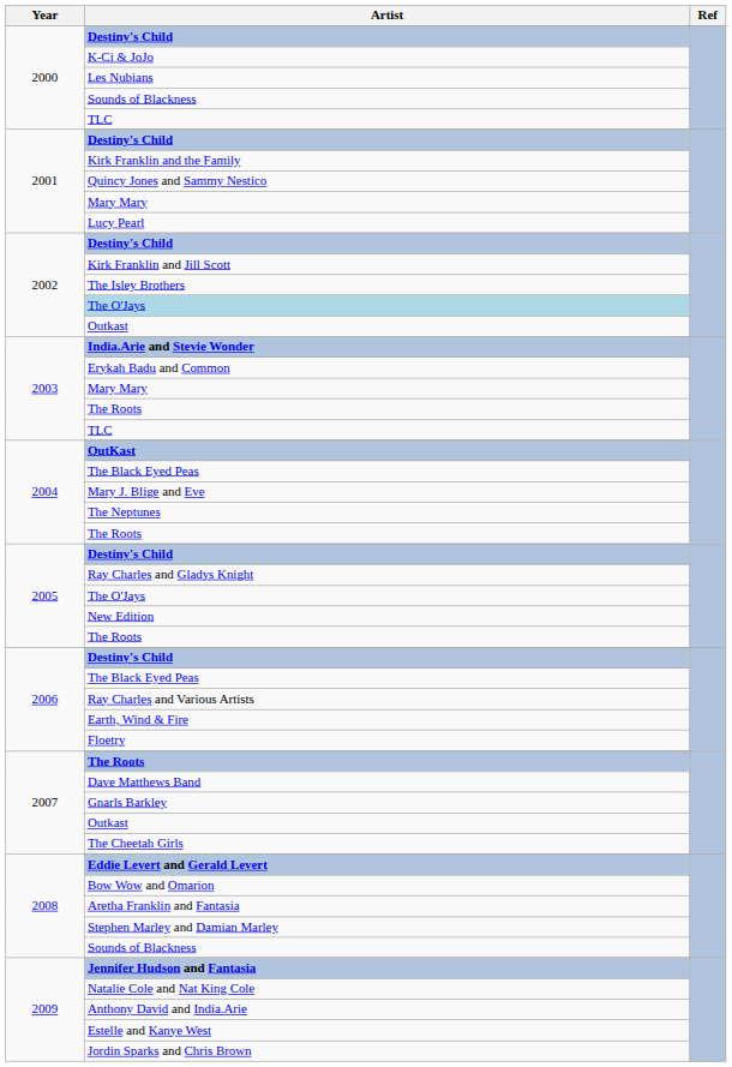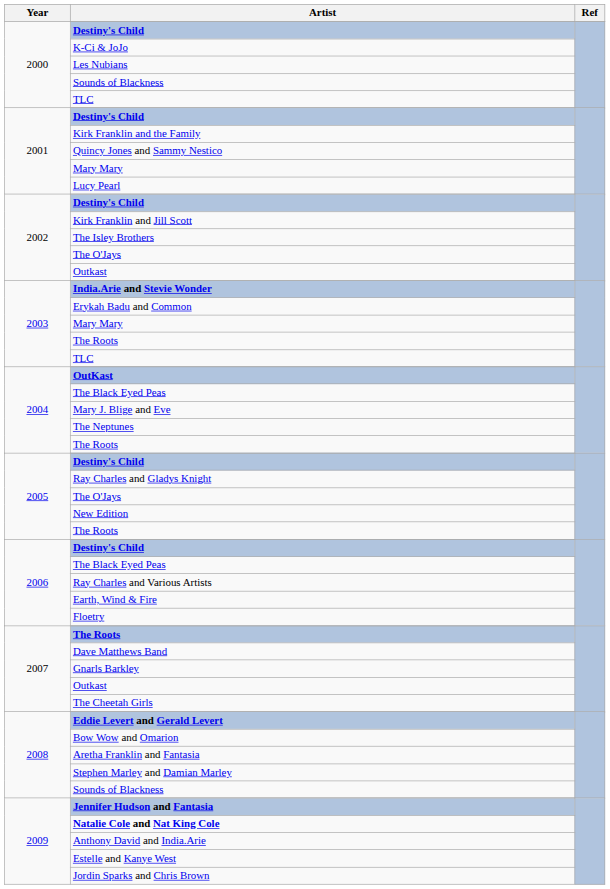 <table class="wikitable" style="width:100%;">
 <tr style="background:#bebebe;">
 <th style="width:11%;">Year</th>
 <th style="width:84%;">Artist</th>
 <th style="width:5%;">Ref</th>
 </tr>
 <tr>
 <td rowspan="6" align="center">2000</td>
 </tr>
 <tr style="background:#B0C4DE">
 <td><strong><a href='#'>Destiny's Child</a></strong></td>
 <td rowspan="6" align="center"></td>
 </tr>
 <tr>
 <td><a href='#'>K-Ci & JoJo</a></td>
 </tr>
 <tr>
 <td><a href='#'>Les Nubians</a></td>
 </tr>
 <tr>
 <td><a href='#'>Sounds of Blackness</a></td>
 </tr>
 <tr>
 <td><a href='#'>TLC</a></td>
 </tr>
 <tr>
 <td rowspan="6" align="center">2001</td>
 </tr>
 <tr style="background:#B0C4DE">
 <td><strong><a href='#'>Destiny's Child</a></strong></td>
 <td rowspan="6" align="center"></td>
 </tr>
 <tr>
 <td><a href='#'>Kirk Franklin and the Family</a></td>
 </tr>
 <tr>
 <td><a href='#'>Quincy Jones</a> and <a href='#'>Sammy Nestico</a></td>
 </tr>
 <tr>
 <td><a href='#'>Mary Mary</a></td>
 </tr>
 <tr>
 <td><a href='#'>Lucy Pearl</a></td>
 </tr>
 <tr>
 <td rowspan="6" align="center">2002</td>
 </tr>
 <tr style="background:#B0C4DE">
 <td><strong><a href='#'>Destiny's Child</a></strong></td>
 <td rowspan="6" align="center"></td>
 </tr>
 <tr>
 <td><a href='#'>Kirk Franklin</a> and <a href='#'>Jill Scott</a></td>
 </tr>
 <tr>
 <td><a href='#'>The Isley Brothers</a></td>
 </tr>
 <tr>
-<td style="background: lightblue;"><a href='#'>The O'Jays</a></td>
+<td><a href='#'>The O'Jays</a></td>
 </tr>
 <tr>
 <td><a href='#'>Outkast</a></td>
 </tr>
 <tr>
 <td rowspan="6" align="center"><a href='#'>2003</a></td>
 </tr>
 <tr style="background:#B0C4DE">
 <td><strong><a href='#'>India.Arie</a> and <a href='#'>Stevie Wonder</a></strong></td>
 <td rowspan="6" align="center"></td>
 </tr>
 <tr>
 <td><a href='#'>Erykah Badu</a> and <a href='#'>Common</a></td>
 </tr>
 <tr>
 <td><a href='#'>Mary Mary</a></td>
 </tr>
 <tr>
 <td><a href='#'>The Roots</a></td>
 </tr>
 <tr>
 <td><a href='#'>TLC</a></td>
 </tr>
 <tr>
 <td rowspan="6" align="center"><a href='#'>2004</a></td>
 </tr>
 <tr style="background:#B0C4DE">
 <td><strong><a href='#'>OutKast</a></strong></td>
 <td rowspan="6" align="center"></td>
 </tr>
 <tr>
 <td><a href='#'>The Black Eyed Peas</a></td>
 </tr>
 <tr>
 <td><a href='#'>Mary J. Blige</a> and <a href='#'>Eve</a></td>
 </tr>
 <tr>
 <td><a href='#'>The Neptunes</a></td>
 </tr>
 <tr>
 <td><a href='#'>The Roots</a></td>
 </tr>
 <tr>
 <td rowspan="6" align="center"><a href='#'>2005</a></td>
 </tr>
 <tr style="background:#B0C4DE">
 <td><strong><a href='#'>Destiny's Child</a></strong></td>
 <td rowspan="6" align="center"></td>
 </tr>
 <tr>
 <td><a href='#'>Ray Charles</a> and <a href='#'>Gladys Knight</a></td>
 </tr>
 <tr>
 <td><a href='#'>The O'Jays</a></td>
 </tr>
 <tr>
 <td><a href='#'>New Edition</a></td>
 </tr>
 <tr>
 <td><a href='#'>The Roots</a></td>
 </tr>
 <tr>
 <td rowspan="6" align="center"><a href='#'>2006</a></td>
 </tr>
 <tr style="background:#B0C4DE">
 <td><strong><a href='#'>Destiny's Child</a></strong></td>
 <td rowspan="6" align="center"></td>
 </tr>
 <tr>
 <td><a href='#'>The Black Eyed Peas</a></td>
 </tr>
 <tr>
 <td><a href='#'>Ray Charles</a> and Various Artists</td>
 </tr>
 <tr>
 <td><a href='#'>Earth, Wind & Fire</a></td>
 </tr>
 <tr>
 <td><a href='#'>Floetry</a></td>
 </tr>
 <tr>
 <td rowspan="6" align="center">2007</td>
 </tr>
 <tr style="background:#B0C4DE">
 <td><strong><a href='#'>The Roots</a></strong></td>
 <td rowspan="6" align="center"></td>
 </tr>
 <tr>
 <td><a href='#'>Dave Matthews Band</a></td>
 </tr>
 <tr>
 <td><a href='#'>Gnarls Barkley</a></td>
 </tr>
 <tr>
 <td><a href='#'>Outkast</a></td>
 </tr>
 <tr>
 <td><a href='#'>The Cheetah Girls</a></td>
 </tr>
 <tr>
 <td rowspan="6" align="center"><a href='#'>2008</a></td>
 </tr>
 <tr style="background:#B0C4DE">
 <td><strong><a href='#'>Eddie Levert</a> and <a href='#'>Gerald Levert</a></strong></td>
 <td rowspan="6" align="center"></td>
 </tr>
 <tr>
 <td><a href='#'>Bow Wow</a> and <a href='#'>Omarion</a></td>
 </tr>
 <tr>
 <td><a href='#'>Aretha Franklin</a> and <a href='#'>Fantasia</a></td>
 </tr>
 <tr>
 <td><a href='#'>Stephen Marley</a> and <a href='#'>Damian Marley</a></td>
 </tr>
 <tr>
 <td><a href='#'>Sounds of Blackness</a></td>
 </tr>
 <tr>
 <td rowspan="6" align="center"><a href='#'>2009</a></td>
 </tr>
 <tr style="background:#B0C4DE">
 <td><strong><a href='#'>Jennifer Hudson</a> and <a href='#'>Fantasia</a></strong></td>
 <td rowspan="6" align="center"></td>
 </tr>
 <tr>
-<td><a href='#'>Natalie Cole</a> and <a href='#'>Nat King Cole</a></td>
+<td><strong><a href='#'>Natalie Cole</a> and <a href='#'>Nat King Cole</a></strong></td>
 </tr>
 <tr>
 <td><a href='#'>Anthony David</a> and <a href='#'>India.Arie</a></td>
 </tr>
 <tr>
 <td><a href='#'>Estelle</a> and <a href='#'>Kanye West</a></td>
 </tr>
 <tr>
 <td><a href='#'>Jordin Sparks</a> and <a href='#'>Chris Brown</a></td>
 </tr>
 </table>
